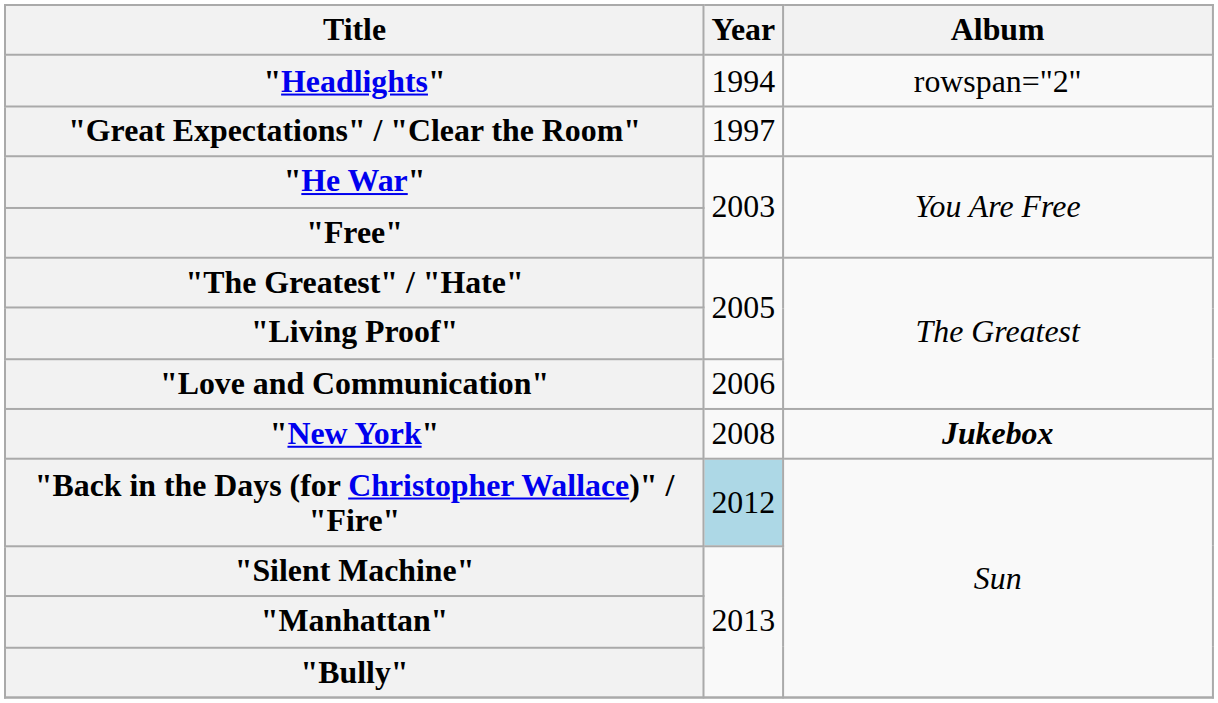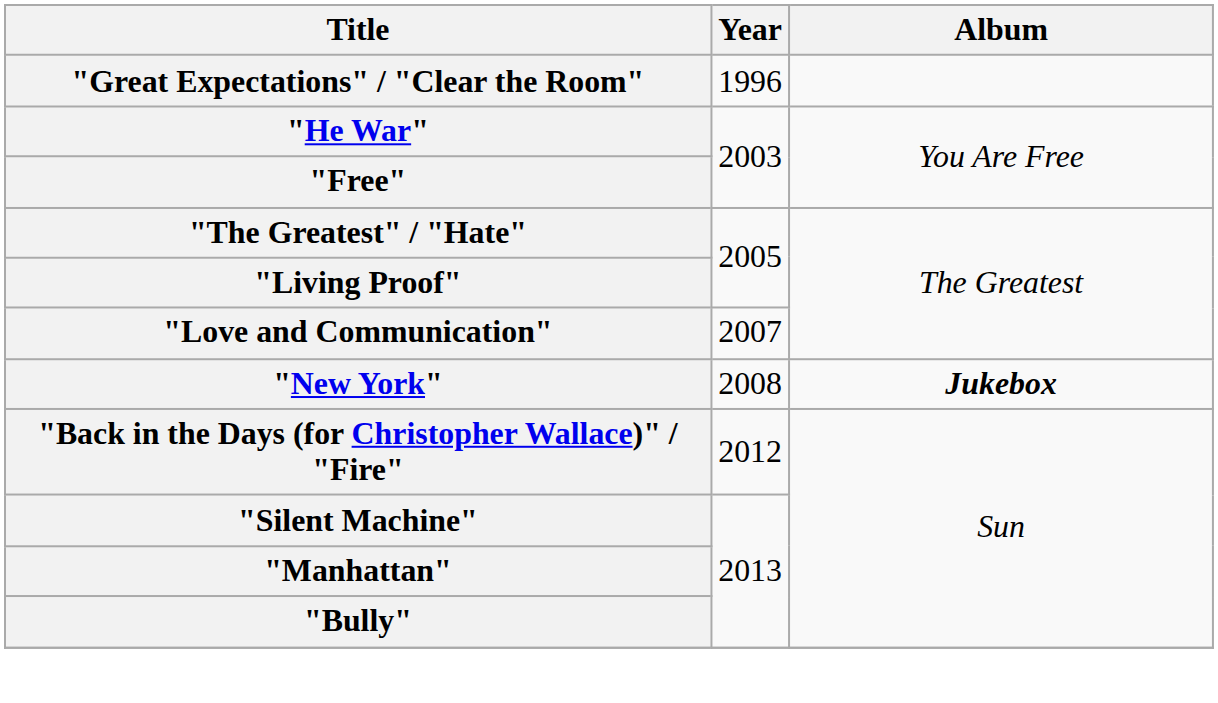 <table class="wikitable plainrowheaders" style="text-align:center;" border="1">
 <tr>
 <th scope="col" style="width:25em;">Title</th>
 <th scope="col">Year</th>
 <th scope="col" style="width:15em;">Album</th>
 </tr>
 <tr>
-<th scope="row">"<a href='#'>Headlights</a>"</th>
-<td>1994</td>
-<td>rowspan="2" </td>
-</tr>
-<tr>
 <th scope="row">"Great Expectations" / "Clear the Room"</th>
-<td>1997</td>
+<td>1996</td>
 </tr>
 <tr>
 <th scope="row">"<a href='#'>He War</a>"</th>
 <td rowspan="2">2003</td>
 <td rowspan="2"><em>You Are Free</em></td>
 </tr>
 <tr>
 <th scope="row">"Free"</th>
 </tr>
 <tr>
 <th scope="row">"The Greatest" / "Hate"</th>
 <td rowspan="2">2005</td>
 <td rowspan="3"><em>The Greatest</em></td>
 </tr>
 <tr>
 <th scope="row">"Living Proof"</th>
 </tr>
 <tr>
 <th scope="row">"Love and Communication"</th>
-<td>2006</td>
+<td>2007</td>
 </tr>
 <tr>
 <th scope="row">"<a href='#'>New York</a>"</th>
 <td>2008</td>
 <td><strong><em>Jukebox</em></strong></td>
 </tr>
 <tr>
 <th scope="row">"Back in the Days (for <a href='#'>Christopher Wallace</a>)" / "Fire"</th>
-<td style="background: lightblue;">2012</td>
+<td>2012</td>
 <td rowspan="4"><em>Sun</em></td>
 </tr>
 <tr>
 <th scope="row">"Silent Machine"</th>
 <td rowspan="3">2013</td>
 </tr>
 <tr>
 <th scope="row">"Manhattan"</th>
 </tr>
 <tr>
 <th scope="row">"Bully"</th>
 </tr>
 <tr>
 </tr>
 </table>
